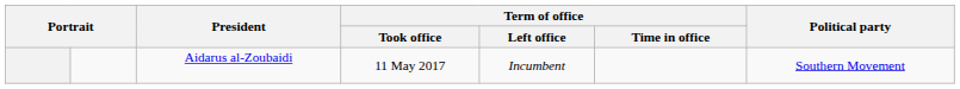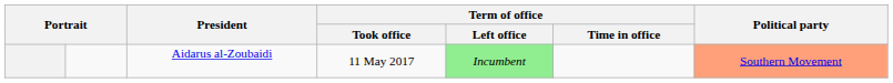 <table class="wikitable" style="text-align:center; border:1px #aaf solid; width:90%;">
 <tr>
 <th rowspan="2" colspan="2" width="80px">Portrait</th>
 <th rowspan="2">President<br></th>
 <th colspan="3">Term of office</th>
 <th rowspan="2">Political party</th>
 </tr>
 <tr>
 <th>Took office</th>
 <th>Left office</th>
 <th>Time in office</th>
 </tr>
 <tr>
 <th style="background:"></th>
 <td></td>
 <td><a href='#'>Aidarus al-Zoubaidi</a><br><br></td>
 <td>11 May 2017</td>
-<td><em>Incumbent</em></td>
+<td style="background: lightgreen;"><em>Incumbent</em></td>
 <td></td>
-<td><a href='#'>Southern Movement</a></td>
+<td style="background: lightsalmon;"><a href='#'>Southern Movement</a></td>
 </tr>
 </table>
